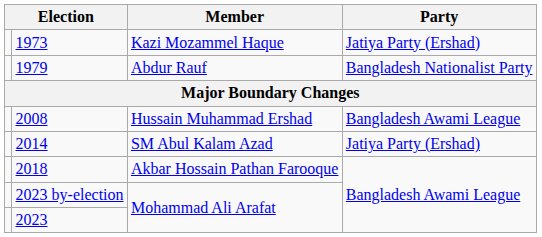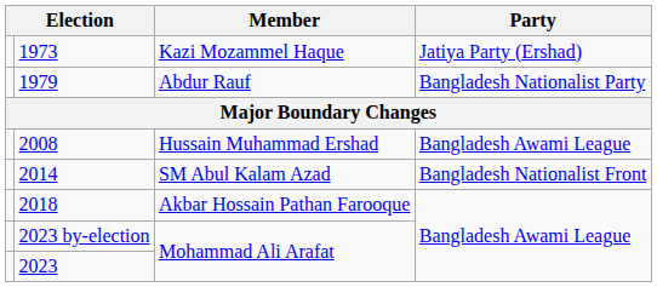 <table class="wikitable">
 <tr>
 <th colspan="2">Election</th>
 <th>Member</th>
 <th>Party</th>
 </tr>
 <tr>
 <td style="background-color:"></td>
 <td><a href='#'>1973</a></td>
 <td><a href='#'>Kazi Mozammel Haque</a></td>
 <td><a href='#'>Jatiya Party (Ershad)</a></td>
 </tr>
 <tr>
 <td style="background-color:"></td>
 <td><a href='#'>1979</a></td>
 <td><a href='#'>Abdur Rauf</a></td>
 <td><a href='#'>Bangladesh Nationalist Party</a></td>
 </tr>
 <tr>
 <th colspan="4">Major Boundary Changes</th>
 </tr>
 <tr>
 <td style="background-color:"></td>
 <td><a href='#'>2008</a></td>
 <td><a href='#'>Hussain Muhammad Ershad</a></td>
 <td><a href='#'>Bangladesh Awami League</a></td>
 </tr>
 <tr>
 <td style="background-color:"></td>
 <td><a href='#'>2014</a></td>
 <td><a href='#'>SM Abul Kalam Azad</a></td>
-<td><a href='#'>Jatiya Party (Ershad)</a></td>
+<td><a href='#'>Bangladesh Nationalist Front</a></td>
 </tr>
 <tr>
 <td style="background-color:"></td>
 <td><a href='#'>2018</a></td>
 <td><a href='#'>Akbar Hossain Pathan Farooque</a></td>
 <td rowspan="3"><a href='#'>Bangladesh Awami League</a>  </td>
 </tr>
 <tr>
 <td style="background-color:"></td>
 <td><a href='#'>2023 by-election</a></td>
 <td rowspan="2"><a href='#'>Mohammad Ali Arafat</a></td>
 </tr>
 <tr>
 <td style="background-color:"></td>
 <td><a href='#'>2023</a></td>
 </tr>
 <tr>
 </tr>
 </table>
